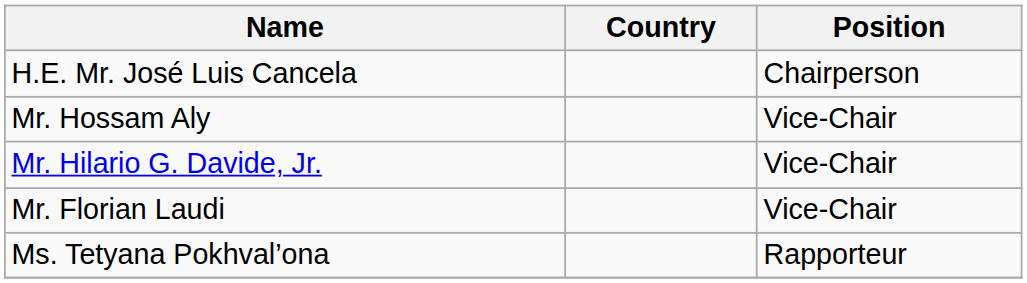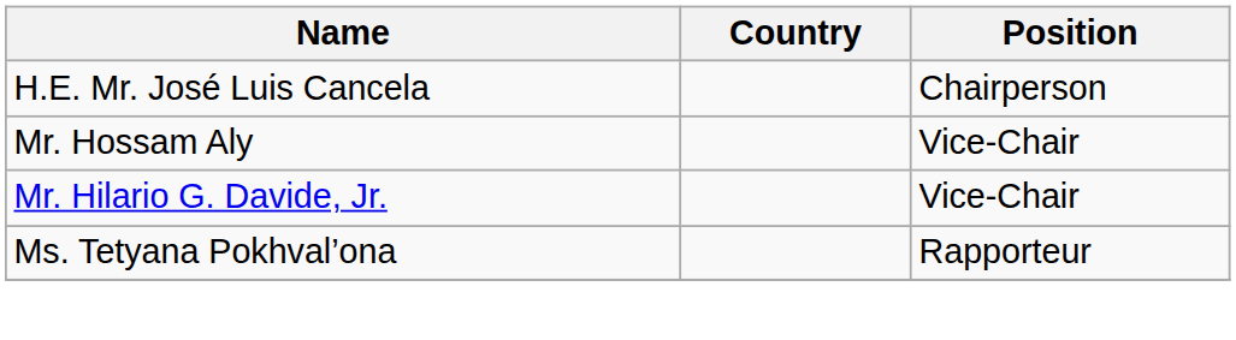 <table class="wikitable" style="display: inline-table; width: 45%;">
 <tr>
 <th>Name</th>
 <th>Country</th>
 <th>Position</th>
 </tr>
 <tr>
 <td>H.E. Mr. José Luis Cancela</td>
 <td></td>
 <td>Chairperson</td>
 </tr>
 <tr>
 <td>Mr. Hossam Aly</td>
 <td></td>
 <td>Vice-Chair</td>
 </tr>
 <tr>
 <td><a href='#'>Mr. Hilario G. Davide, Jr.</a></td>
 <td></td>
 <td>Vice-Chair</td>
 </tr>
 <tr>
-<td>Mr. Florian Laudi</td>
-<td></td>
-<td>Vice-Chair</td>
-</tr>
-<tr>
 <td>Ms. Tetyana Pokhval’ona</td>
 <td></td>
 <td>Rapporteur</td>
 </tr>
 <tr>
 </tr>
 </table>
